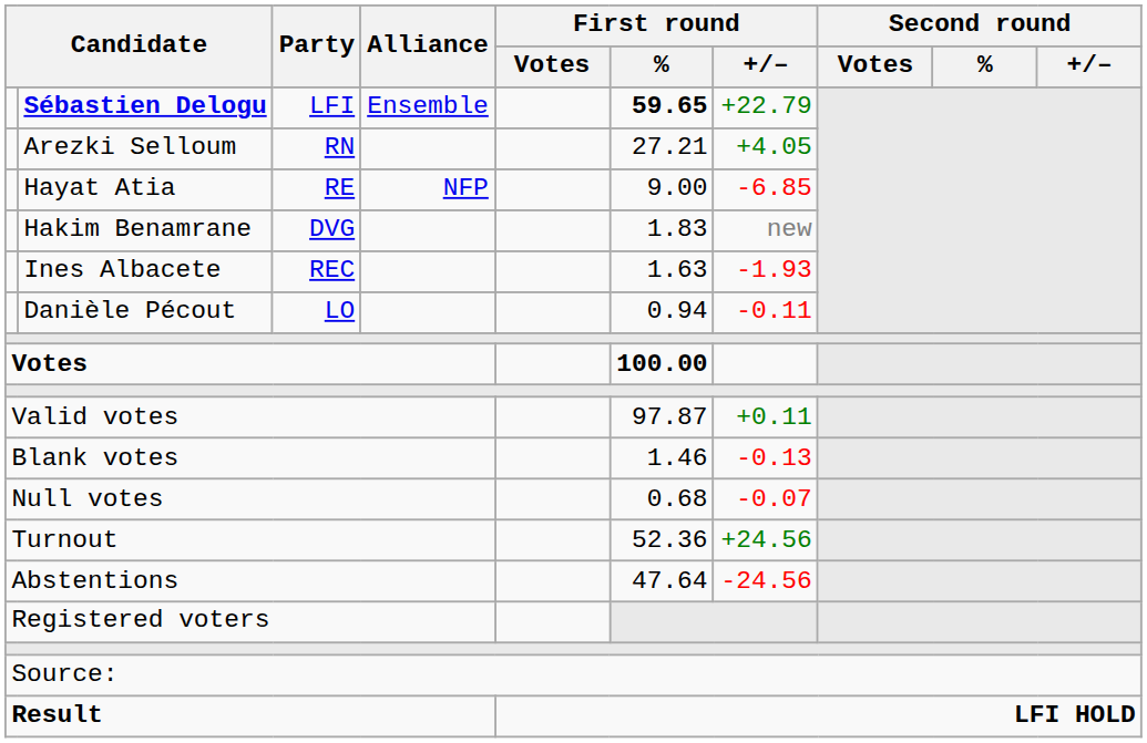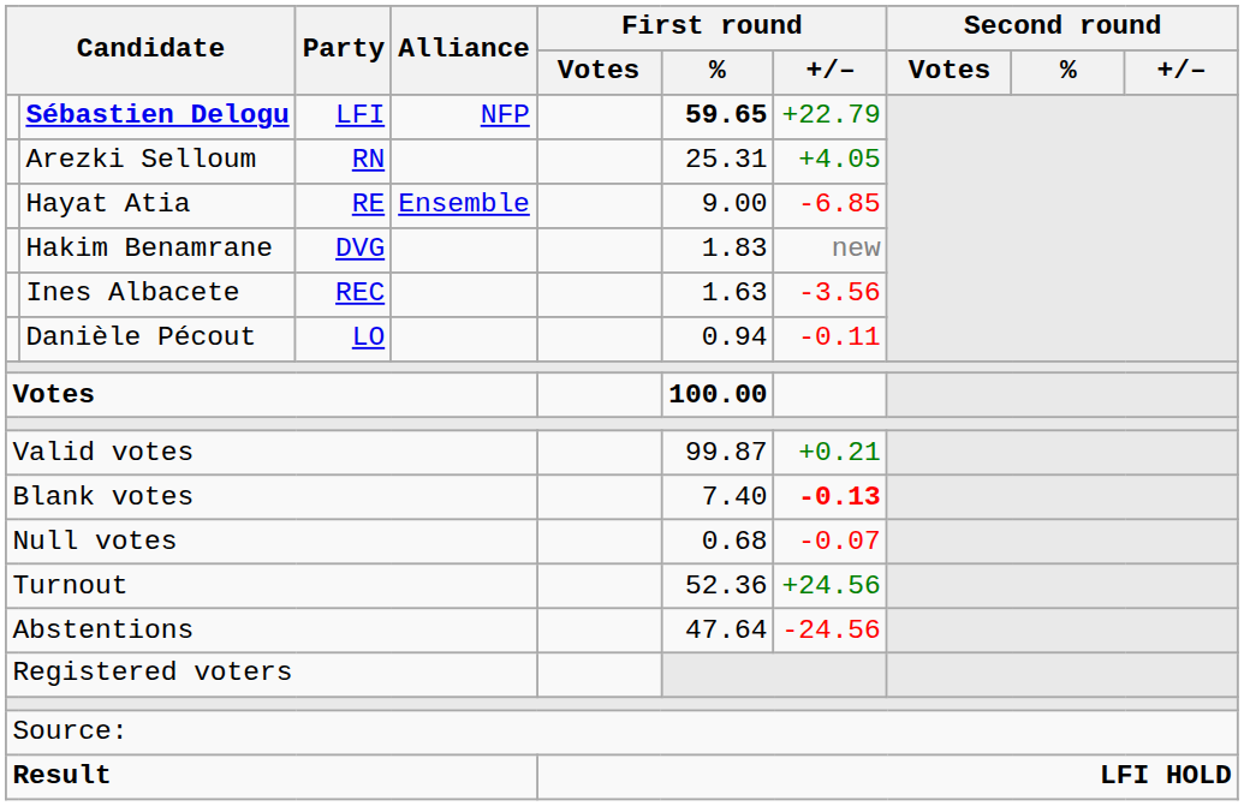 <table class="wikitable" style="text-align:right;font-size:95%;">
 <tr>
 <th rowspan="2" colspan="2">Candidate</th>
 <th colspan="1" rowspan="2">Party</th>
 <th colspan="1" rowspan="2">Alliance</th>
 <th colspan="3">First round</th>
 <th colspan="3">Second round</th>
 </tr>
 <tr>
 <th style="width:50px;">Votes</th>
 <th style="width:45px;">%</th>
 <th style="width:45px;">+/–</th>
 <th style="width:50px;">Votes</th>
 <th style="width:45px;">%</th>
 <th style="width:45px;">+/–</th>
 </tr>
 <tr>
 <td style="color:inherit;background:"></td>
 <td style="text-align:left;"><strong><a href='#'>Sébastien Delogu</a></strong></td>
 <td><a href='#'>LFI</a></td>
-<td><a href='#'>Ensemble</a></td>
+<td><a href='#'>NFP</a></td>
 <td><strong></strong></td>
 <td><strong>59.65</strong></td>
 <td style="color:green;">+22.79</td>
 <td colspan="3" rowspan="6" style="background:#E9E9E9;"></td>
 </tr>
 <tr>
 <td style="color:inherit;background:"></td>
 <td style="text-align:left;">Arezki Selloum</td>
 <td><a href='#'>RN</a></td>
 <td></td>
 <td></td>
-<td>27.21</td>
+<td>25.31</td>
 <td style="color:green;">+4.05</td>
 </tr>
 <tr>
 <td style="color:inherit;background:"></td>
 <td style="text-align:left;">Hayat Atia</td>
 <td><a href='#'>RE</a></td>
-<td><a href='#'>NFP</a></td>
+<td><a href='#'>Ensemble</a></td>
 <td></td>
 <td>9.00</td>
 <td style="color:red;">-6.85</td>
 </tr>
 <tr>
 <td style="color:inherit;background:"></td>
 <td style="text-align:left;">Hakim Benamrane</td>
 <td><a href='#'>DVG</a></td>
 <td></td>
 <td></td>
 <td>1.83</td>
 <td style="color:grey;">new</td>
 </tr>
 <tr>
 <td style="color:inherit;background:"></td>
 <td style="text-align:left;">Ines Albacete</td>
 <td><a href='#'>REC</a></td>
 <td></td>
 <td></td>
 <td>1.63</td>
-<td style="color:red;">-1.93</td>
+<td style="color:red;">-3.56</td>
 </tr>
 <tr>
 <td style="color:inherit;background:"></td>
 <td style="text-align:left;">Danièle Pécout</td>
 <td><a href='#'>LO</a></td>
 <td></td>
 <td></td>
 <td>0.94</td>
 <td style="color:red;">-0.11</td>
 </tr>
 <tr>
 <td colspan="10" style="background:#E9E9E9;"></td>
 </tr>
 <tr style="font-weight:bold;">
 <td colspan="4" style="text-align:left;">Votes</td>
 <td></td>
 <td>100.00</td>
 <td></td>
 <td colspan="3" rowspan="1" style="background:#E9E9E9;"></td>
 </tr>
 <tr>
 <td colspan="10" style="background:#E9E9E9;"></td>
 </tr>
 <tr>
 <td colspan="4" style="text-align:left;">Valid votes</td>
 <td></td>
-<td>97.87</td>
-<td style="color:green;">+0.11</td>
+<td>99.87</td>
+<td style="color:green;">+0.21</td>
 <td colspan="3" rowspan="1" style="background:#E9E9E9;"></td>
 </tr>
 <tr>
 <td colspan="4" style="text-align:left;">Blank votes</td>
 <td></td>
-<td>1.46</td>
-<td style="color:red;">-0.13</td>
+<td>7.40</td>
+<td style="color:red;"><strong>-0.13</strong></td>
 <td colspan="3" rowspan="1" style="background:#E9E9E9;"></td>
 </tr>
 <tr>
 <td colspan="4" style="text-align:left;">Null votes</td>
 <td></td>
 <td>0.68</td>
 <td style="color:red;">-0.07</td>
 <td colspan="3" rowspan="1" style="background:#E9E9E9;"></td>
 </tr>
 <tr>
 <td colspan="4" style="text-align:left;">Turnout</td>
 <td></td>
 <td>52.36</td>
 <td style="color:green;">+24.56</td>
 <td colspan="3" rowspan="1" style="background:#E9E9E9;"></td>
 </tr>
 <tr>
 <td colspan="4" style="text-align:left;">Abstentions</td>
 <td></td>
 <td>47.64</td>
 <td style="color:red;">-24.56</td>
 <td colspan="3" rowspan="1" style="background:#E9E9E9;"></td>
 </tr>
 <tr>
 <td colspan="4" style="text-align:left;">Registered voters</td>
 <td></td>
 <td colspan="2" style="background:#E9E9E9;"></td>
 <td colspan="3" rowspan="1" style="background:#E9E9E9;"></td>
 </tr>
 <tr>
 <td colspan="10" style="background:#E9E9E9;"></td>
 </tr>
 <tr>
 <td colspan="10" style="text-align:left;">Source: </td>
 </tr>
 <tr style="font-weight:bold">
 <td colspan="4" style="text-align:left;">Result</td>
 <td colspan="6" style="background-color:">LFI HOLD</td>
 </tr>
 </table>
